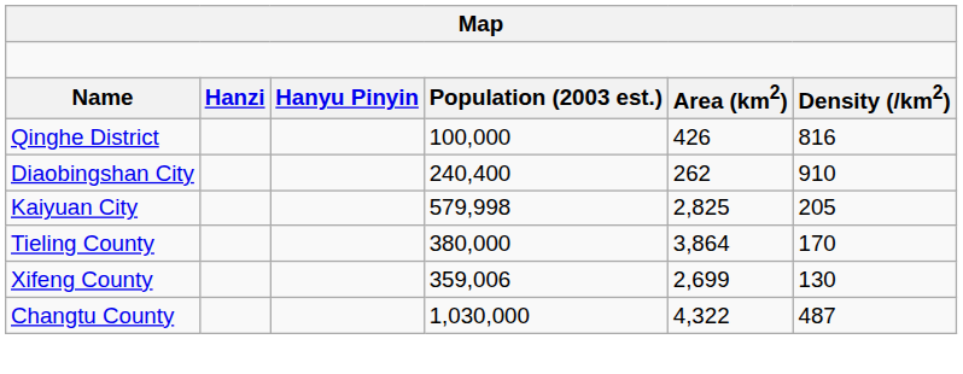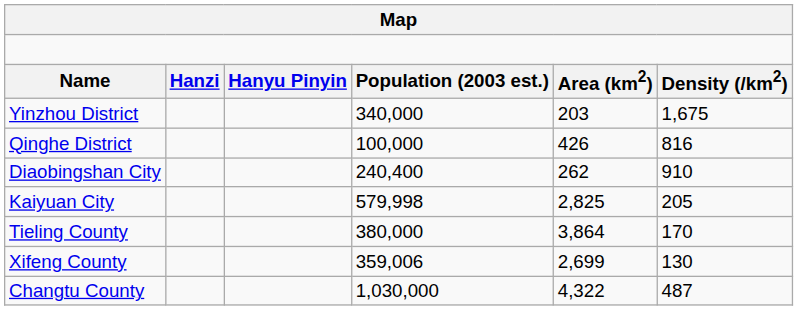 <table class="wikitable"  style="font-size:90%;" align=center>
 <tr>
 <th colspan="6" align="center">Map</th>
 </tr>
 <tr>
 <td colspan="6" align="center"><div><br>          </div></td>
 </tr>
 <tr>
 <th>Name</th>
 <th><a href='#'>Hanzi</a></th>
 <th><a href='#'>Hanyu Pinyin</a></th>
 <th>Population (2003 est.)</th>
 <th>Area (km<sup>2</sup>)</th>
 <th>Density (/km<sup>2</sup>)</th>
+</tr>
+<tr --------->
+<td><a href='#'>Yinzhou District</a></td>
+<td></td>
+<td></td>
+<td>340,000</td>
+<td>203</td>
+<td>1,675</td>
 </tr>
 <tr --------->
 <td><a href='#'>Qinghe District</a></td>
 <td></td>
 <td></td>
 <td>100,000</td>
 <td>426</td>
 <td>816</td>
 </tr>
 <tr --------->
 <td><a href='#'>Diaobingshan City</a></td>
 <td></td>
 <td></td>
 <td>240,400</td>
 <td>262</td>
 <td>910</td>
 </tr>
 <tr --------->
 <td><a href='#'>Kaiyuan City</a></td>
 <td></td>
 <td></td>
 <td>579,998</td>
 <td>2,825</td>
 <td>205</td>
 </tr>
 <tr --------->
 <td><a href='#'>Tieling County</a></td>
 <td></td>
 <td></td>
 <td>380,000</td>
 <td>3,864</td>
 <td>170</td>
 </tr>
 <tr --------->
 <td><a href='#'>Xifeng County</a></td>
 <td></td>
 <td></td>
 <td>359,006</td>
 <td>2,699</td>
 <td>130</td>
 </tr>
 <tr --------->
 <td><a href='#'>Changtu County</a></td>
 <td></td>
 <td></td>
 <td>1,030,000</td>
 <td>4,322</td>
 <td>487</td>
 </tr>
 </table>
